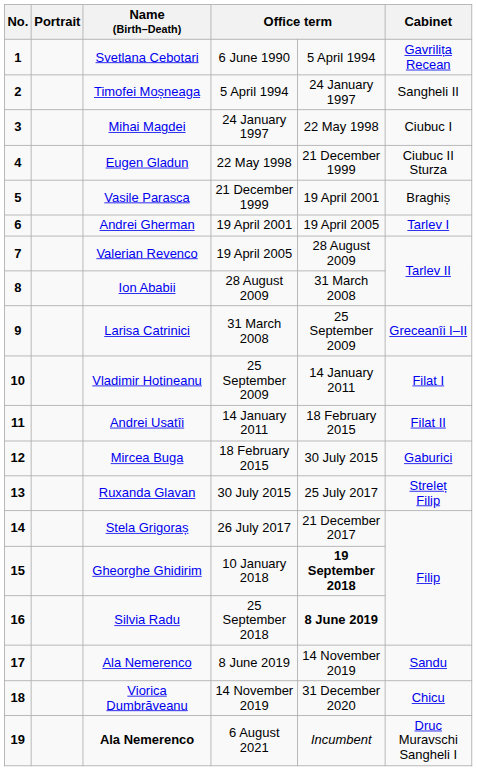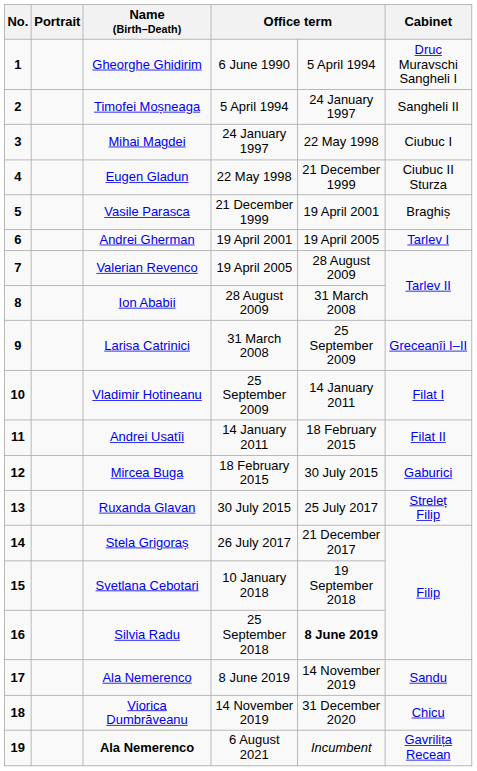 <table class="wikitable" style="text-align:center;">
 <tr>
 <th><strong>No.</strong></th>
 <th scope="col">Portrait</th>
 <th scope="col">Name<br><small>(Birth–Death)</small></th>
 <th colspan="2" scope="col">Office term</th>
 <th>Cabinet</th>
 </tr>
 <tr>
 <td><strong>1</strong></td>
 <td></td>
-<td width="150" style="text-align: center;"><a href='#'>Svetlana Cebotari</a><br></td>
+<td width="150" style="text-align: center;"><a href='#'>Gheorghe Ghidirim</a><br></td>
 <td width="100" style="text-align: center;">6 June 1990</td>
 <td width="100" style="text-align: center;">5 April 1994</td>
-<td width="100" style="text-align: center;"><a href='#'>Gavrilița</a><br><a href='#'>Recean</a></td>
+<td width="100" style="text-align: center;"><a href='#'>Druc</a><br>Muravschi<br>Sangheli I</td>
 </tr>
 <tr>
 <td><strong>2</strong></td>
 <td></td>
 <td width="150" style="text-align: center;"><a href='#'>Timofei Moșneaga</a><br></td>
 <td width="100" style="text-align: center;">5 April 1994</td>
 <td width="100" style="text-align: center;">24 January 1997</td>
 <td width="100" style="text-align: center;">Sangheli II</td>
 </tr>
 <tr>
 <td><strong>3</strong></td>
 <td></td>
 <td width="150" style="text-align: center;"><a href='#'>Mihai Magdei</a><br></td>
 <td width="100" style="text-align: center;">24 January 1997</td>
 <td width="100" style="text-align: center;">22 May 1998</td>
 <td width="100" style="text-align: center;">Ciubuc I</td>
 </tr>
 <tr>
 <td><strong>4</strong></td>
 <td></td>
 <td width="150" style="text-align: center;"><a href='#'>Eugen Gladun</a><br></td>
 <td width="100" style="text-align: center;">22 May 1998</td>
 <td width="100" style="text-align: center;">21 December 1999</td>
 <td width="100" style="text-align: center;">Ciubuc II<br>Sturza</td>
 </tr>
 <tr>
 <td><strong>5</strong></td>
 <td></td>
 <td width="150" style="text-align: center;"><a href='#'>Vasile Parasca</a><br></td>
 <td width="100" style="text-align: center;">21 December 1999</td>
 <td width="100" style="text-align: center;">19 April 2001</td>
 <td width="100" style="text-align: center;">Braghiș</td>
 </tr>
 <tr>
 <td><strong>6</strong></td>
 <td></td>
 <td width="150" style="text-align: center;"><a href='#'>Andrei Gherman</a><br></td>
 <td width="100" style="text-align: center;">19 April 2001</td>
 <td width="100" style="text-align: center;">19 April 2005</td>
 <td width="100" style="text-align: center;"><a href='#'>Tarlev I</a></td>
 </tr>
 <tr>
 <td><strong>7</strong></td>
 <td></td>
 <td width="150" style="text-align: center;"><a href='#'>Valerian Revenco</a><br></td>
 <td width="100" style="text-align: center;">19 April 2005</td>
 <td width="100" style="text-align: center;">28 August 2009</td>
 <td rowspan="2" width="100" style="text-align: center;"><a href='#'>Tarlev II</a></td>
 </tr>
 <tr>
 <td><strong>8</strong></td>
 <td></td>
 <td width="150" style="text-align: center;"><a href='#'>Ion Ababii</a><br></td>
 <td width="100" style="text-align: center;">28 August 2009</td>
 <td width="100" style="text-align: center;">31 March 2008</td>
 </tr>
 <tr>
 <td><strong>9</strong></td>
 <td></td>
 <td width="150" style="text-align: center;"><a href='#'>Larisa Catrinici</a><br></td>
 <td width="100" style="text-align: center;">31 March 2008</td>
 <td width="100" style="text-align: center;">25 September 2009</td>
 <td width="100" style="text-align: center;"><a href='#'>Greceanîi I–</a><a href='#'>II</a></td>
 </tr>
 <tr>
 <td><strong>10</strong></td>
 <td></td>
 <td width="150" style="text-align: center;"><a href='#'>Vladimir Hotineanu</a><br></td>
 <td width="100" style="text-align: center;">25 September 2009</td>
 <td width="100" style="text-align: center;">14 January 2011</td>
 <td width="100" style="text-align: center;"><a href='#'>Filat I</a></td>
 </tr>
 <tr>
 <td><strong>11</strong></td>
 <td></td>
 <td width="150" style="text-align: center;"><a href='#'>Andrei Usatîi</a><br></td>
 <td width="100" style="text-align: center;">14 January 2011</td>
 <td width="100" style="text-align: center;">18 February 2015</td>
 <td width="100" style="text-align: center;"><a href='#'>Filat II</a></td>
 </tr>
 <tr>
 <td><strong>12</strong></td>
 <td></td>
 <td width="150" style="text-align: center;"><a href='#'>Mircea Buga</a><br></td>
 <td width="100" style="text-align: center;">18 February 2015</td>
 <td width="100" style="text-align: center;">30 July 2015</td>
 <td width="100" style="text-align: center;"><a href='#'>Gaburici</a></td>
 </tr>
 <tr>
 <td><strong>13</strong></td>
 <td></td>
 <td width="150" style="text-align: center;"><a href='#'>Ruxanda Glavan</a><br></td>
 <td width="100" style="text-align: center;">30 July 2015</td>
 <td width="100" style="text-align: center;">25 July 2017</td>
 <td width="100" style="text-align: center;"><a href='#'>Streleț</a><br><a href='#'>Filip</a></td>
 </tr>
 <tr>
 <td><strong>14</strong></td>
 <td></td>
 <td width="150" style="text-align: center;"><a href='#'>Stela Grigoraș</a><br></td>
 <td width="100" style="text-align: center;">26 July 2017</td>
 <td width="100" style="text-align: center;">21 December 2017</td>
 <td rowspan="3" width="100" style="text-align: center;"><a href='#'>Filip</a></td>
 </tr>
 <tr>
 <td><strong>15</strong></td>
 <td></td>
-<td width="150" style="text-align: center;"><a href='#'>Gheorghe Ghidirim</a><br></td>
+<td width="150" style="text-align: center;"><a href='#'>Svetlana Cebotari</a><br></td>
 <td width="100" style="text-align: center;">10 January 2018</td>
-<td width="100" style="text-align: center;"><strong>19 September 2018</strong></td>
+<td width="100" style="text-align: center;">19 September 2018</td>
 </tr>
 <tr>
 <td><strong>16</strong></td>
 <td></td>
 <td width="150" style="text-align: center;"><a href='#'>Silvia Radu</a><br></td>
 <td width="100" style="text-align: center;">25 September 2018</td>
 <td width="100" style="text-align: center;"><strong>8 June 2019</strong></td>
 </tr>
 <tr>
 <td><strong>17</strong></td>
 <td></td>
 <td width="150" style="text-align: center;"><a href='#'>Ala Nemerenco</a><br></td>
 <td width="100" style="text-align: center;">8 June 2019</td>
 <td width="100" style="text-align: center;">14 November 2019</td>
 <td width="100" style="text-align: center;"><a href='#'>Sandu</a></td>
 </tr>
 <tr>
 <td><strong>18</strong></td>
 <td></td>
 <td width="150" style="text-align: center;"><a href='#'>Viorica Dumbrăveanu</a><br></td>
 <td width="100" style="text-align: center;">14 November 2019</td>
 <td width="100" style="text-align: center;">31 December 2020</td>
 <td width="100" style="text-align: center;"><a href='#'>Chicu</a></td>
 </tr>
 <tr>
 <td><strong>19</strong></td>
 <td></td>
 <td width="150" style="text-align: center;"><strong>Ala Nemerenco</strong><br></td>
 <td width="100" style="text-align: center;">6 August 2021</td>
 <td width="100" style="text-align: center;"><em>Incumbent</em></td>
-<td width="100" style="text-align: center;"><a href='#'>Druc</a><br>Muravschi<br>Sangheli I</td>
+<td width="100" style="text-align: center;"><a href='#'>Gavrilița</a><br><a href='#'>Recean</a></td>
 </tr>
 </table>
